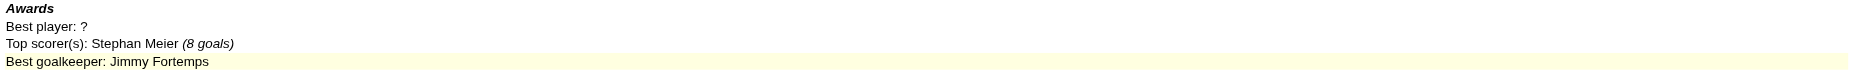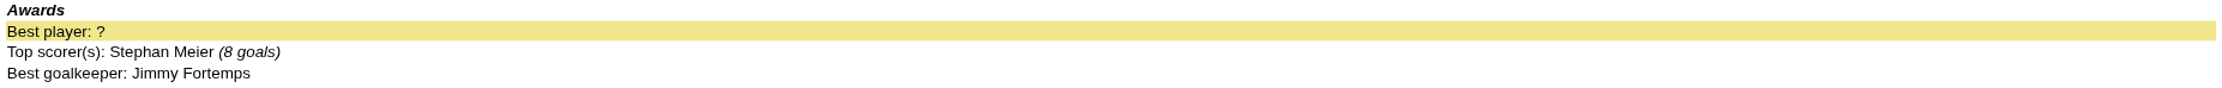 <table width=100% cellspacing=1 style="font-size: 90%;">
 <tr>
 <td><strong><em>Awards</em></strong></td>
 </tr>
 <tr>
-<td>Best player:  ?</td>
+<td style="background: khaki;">Best player:  ?</td>
 </tr>
 <tr>
 <td colspan=4>Top scorer(s):  Stephan Meier <em>(8 goals)</em></td>
 </tr>
 <tr>
-<td style="background: lightyellow;">Best goalkeeper:  Jimmy Fortemps</td>
+<td>Best goalkeeper:  Jimmy Fortemps</td>
 </tr>
 </table>
